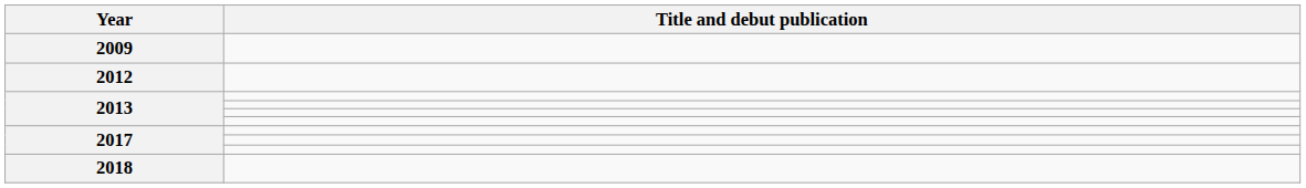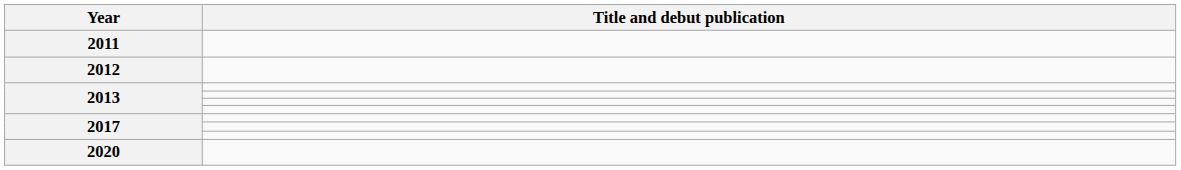 <table class="wikitable sortable" width="90%">
 <tr>
 <th>Year</th>
 <th>Title and debut publication</th>
 </tr>
 <tr>
-<th>2009</th>
+<th>2011</th>
 <td></td>
 </tr>
 <tr>
 <th>2012</th>
 <td></td>
 </tr>
 <tr>
 <th rowspan="4">2013</th>
 <td></td>
 </tr>
 <tr>
 <td></td>
 </tr>
 <tr>
 <td></td>
 </tr>
 <tr>
 <td></td>
 </tr>
 <tr>
 <th rowspan="3">2017</th>
 <td></td>
 </tr>
 <tr>
 <td></td>
 </tr>
 <tr>
 <td></td>
 </tr>
 <tr>
-<th>2018</th>
+<th>2020</th>
 <td></td>
 </tr>
 </table>
